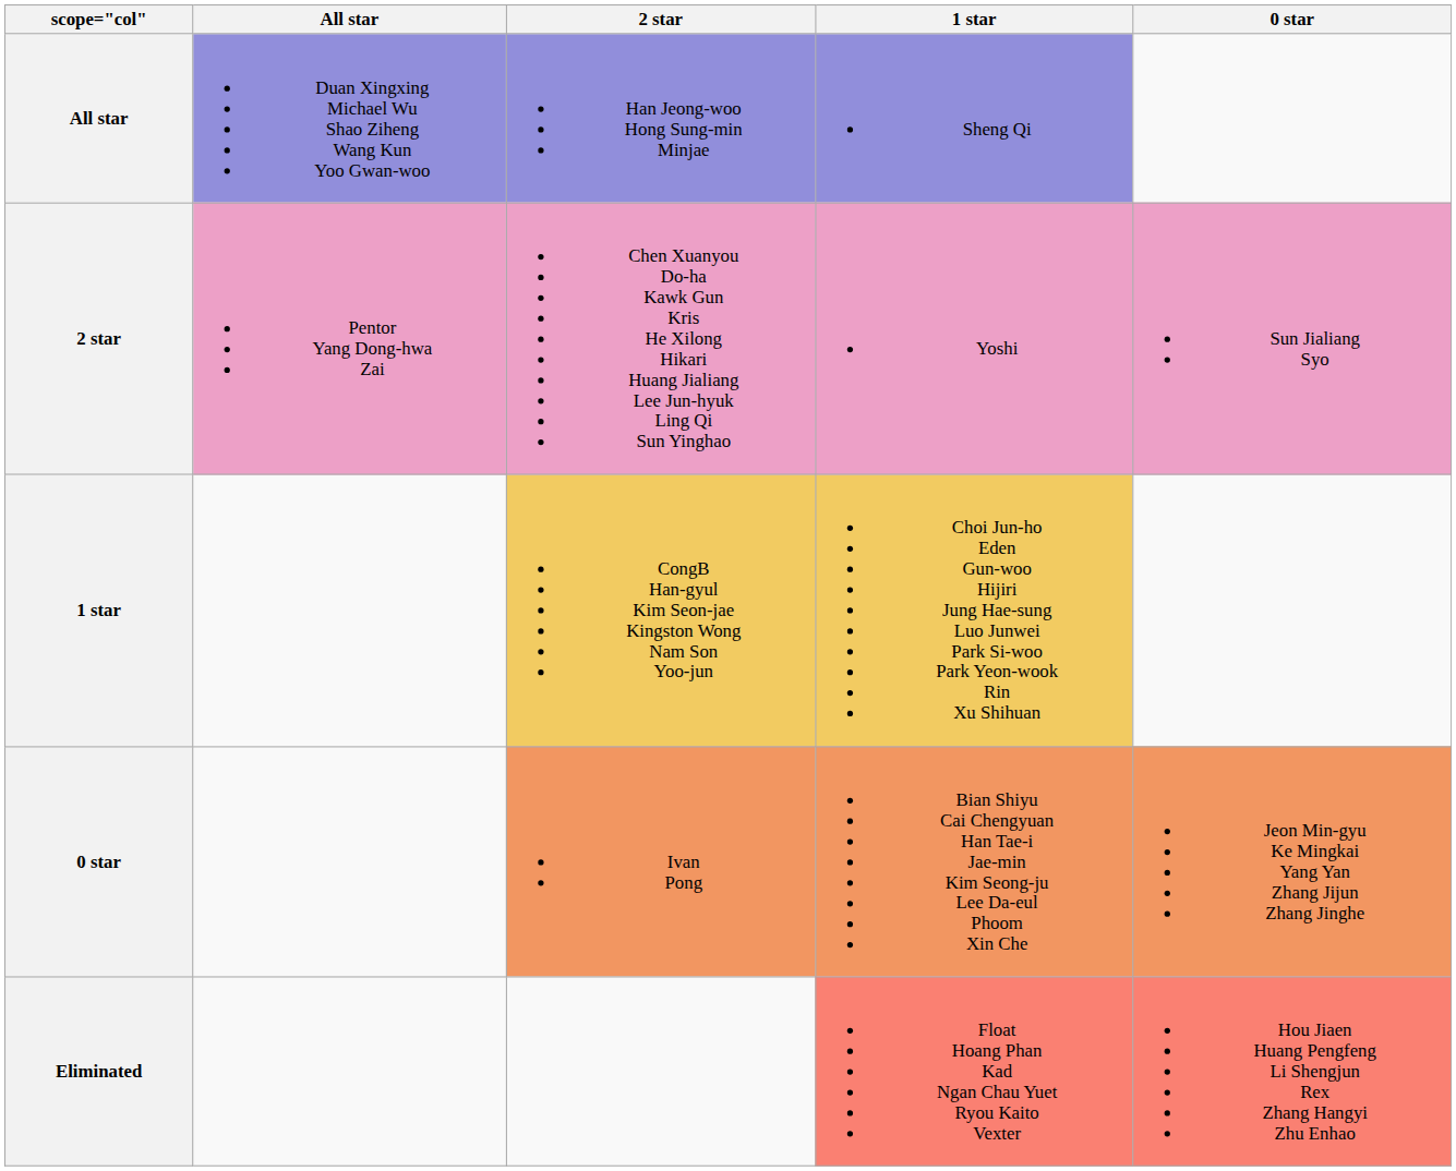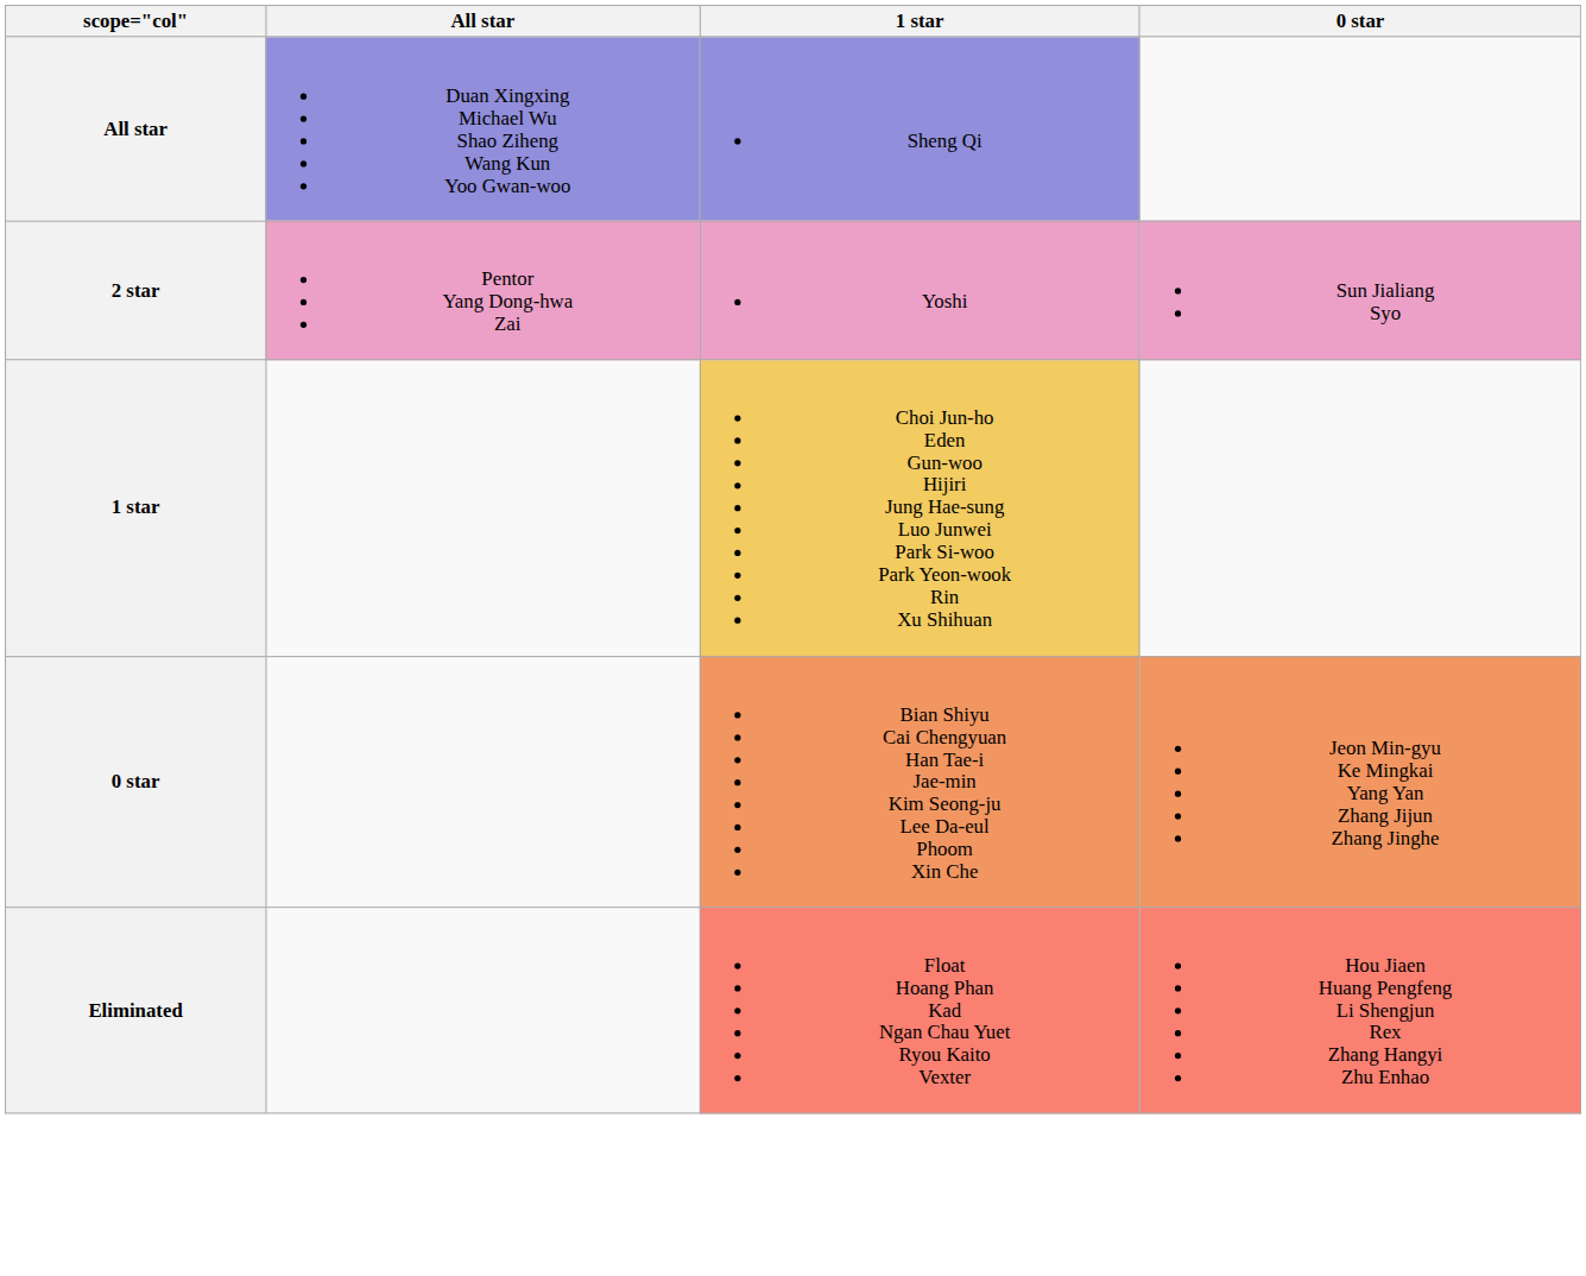 <table class="wikitable collapsible" style="width:100%; text-align:center">
 <tr>
 <th>scope="col" </th>
 <th scope="col">All star</th>
-<th scope="col">2 star</th>
 <th scope="col">1 star</th>
 <th scope="col">0 star</th>
 </tr>
 <tr>
 <th scope="row">All star</th>
 <td style="background:#918EDB"><br><ul><li>Duan Xingxing </li><li>Michael Wu </li><li>Shao Ziheng </li><li>Wang Kun </li><li>Yoo Gwan-woo </li></ul></td>
-<td style="background:#918EDB"><br><ul><li>Han Jeong-woo </li><li>Hong Sung-min </li><li>Minjae </li></ul></td>
 <td style="background:#918EDB"><br><ul><li>Sheng Qi </li></ul></td>
 <td></td>
 </tr>
 <tr>
 <th scope="row">2 star</th>
 <td style="background:#EDA0C7"><br><ul><li>Pentor </li><li>Yang Dong-hwa </li><li>Zai </li></ul></td>
-<td style="background:#EDA0C7"><br><ul><li>Chen Xuanyou </li><li>Do-ha </li><li>Kawk Gun </li><li>Kris </li><li>He Xilong </li><li>Hikari </li><li>Huang Jialiang </li><li>Lee Jun-hyuk </li><li>Ling Qi </li><li>Sun Yinghao </li></ul></td>
 <td style="background:#EDA0C7"><br><ul><li>Yoshi </li></ul></td>
 <td style="background:#EDA0C7"><br><ul><li>Sun Jialiang </li><li>Syo </li></ul></td>
 </tr>
 <tr>
 <th scope="row">1 star</th>
 <td></td>
-<td style="background:#F2CB61"><br><ul><li>CongB </li><li>Han-gyul </li><li>Kim Seon-jae </li><li>Kingston Wong </li><li>Nam Son </li><li>Yoo-jun </li></ul></td>
 <td style="background:#F2CB61"><br><ul><li>Choi Jun-ho </li><li>Eden </li><li>Gun-woo </li><li>Hijiri </li><li>Jung Hae-sung </li><li>Luo Junwei </li><li>Park Si-woo </li><li>Park Yeon-wook </li><li>Rin </li><li>Xu Shihuan </li></ul></td>
 <td></td>
 </tr>
 <tr>
 <th scope="row">0 star</th>
 <td></td>
-<td style="background:#F29661"><br><ul><li>Ivan </li><li>Pong </li></ul></td>
 <td style="background:#F29661"><br><ul><li>Bian Shiyu </li><li>Cai Chengyuan </li><li>Han Tae-i </li><li>Jae-min </li><li>Kim Seong-ju </li><li>Lee Da-eul </li><li>Phoom </li><li>Xin Che </li></ul></td>
 <td style="background:#F29661"><br><ul><li>Jeon Min-gyu </li><li>Ke Mingkai </li><li>Yang Yan </li><li>Zhang Jijun </li><li>Zhang Jinghe </li></ul></td>
 </tr>
 <tr>
 <th scope="row">Eliminated</th>
 <td></td>
-<td></td>
 <td style="background:salmon"><br><ul><li>Float </li><li>Hoang Phan </li><li>Kad </li><li>Ngan Chau Yuet </li><li>Ryou Kaito </li><li>Vexter </li></ul></td>
 <td style="background:salmon"><br><ul><li>Hou Jiaen </li><li>Huang Pengfeng </li><li>Li Shengjun </li><li>Rex </li><li>Zhang Hangyi </li><li>Zhu Enhao </li></ul></td>
 </tr>
 </table>
